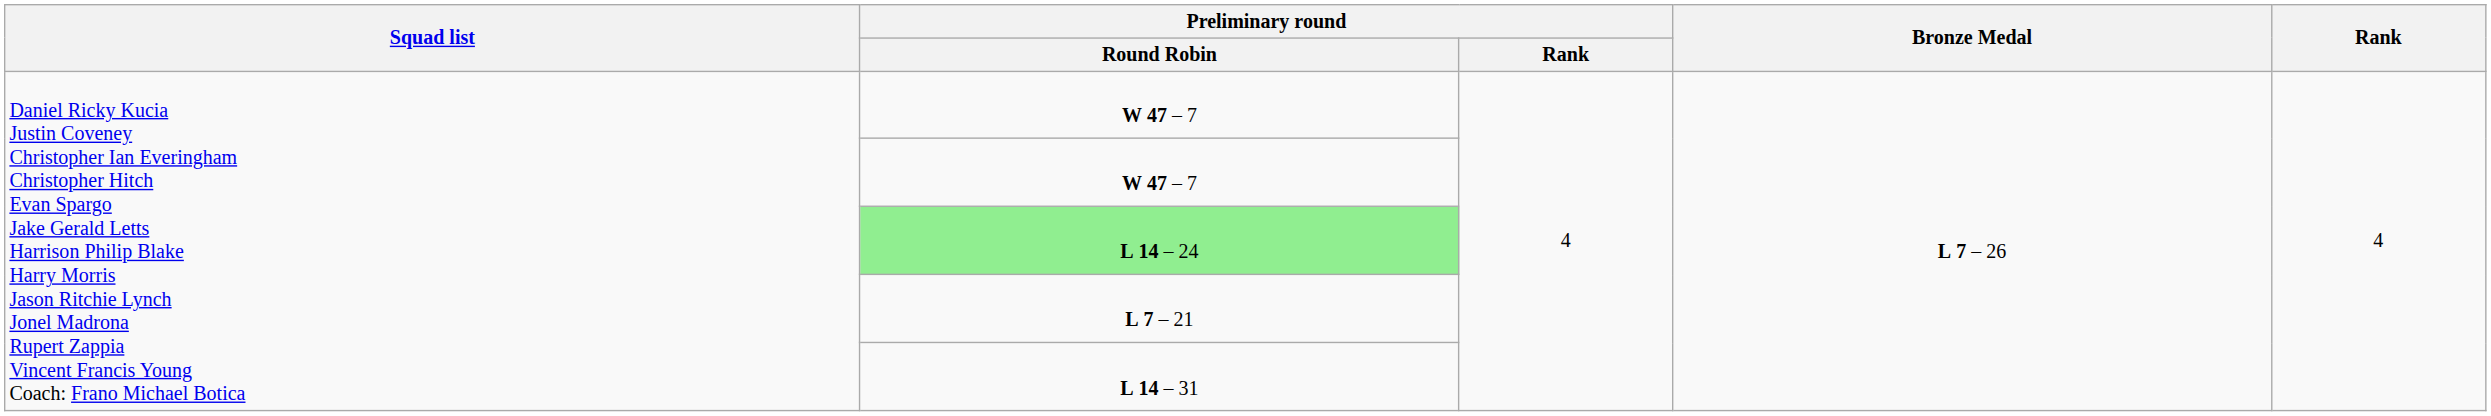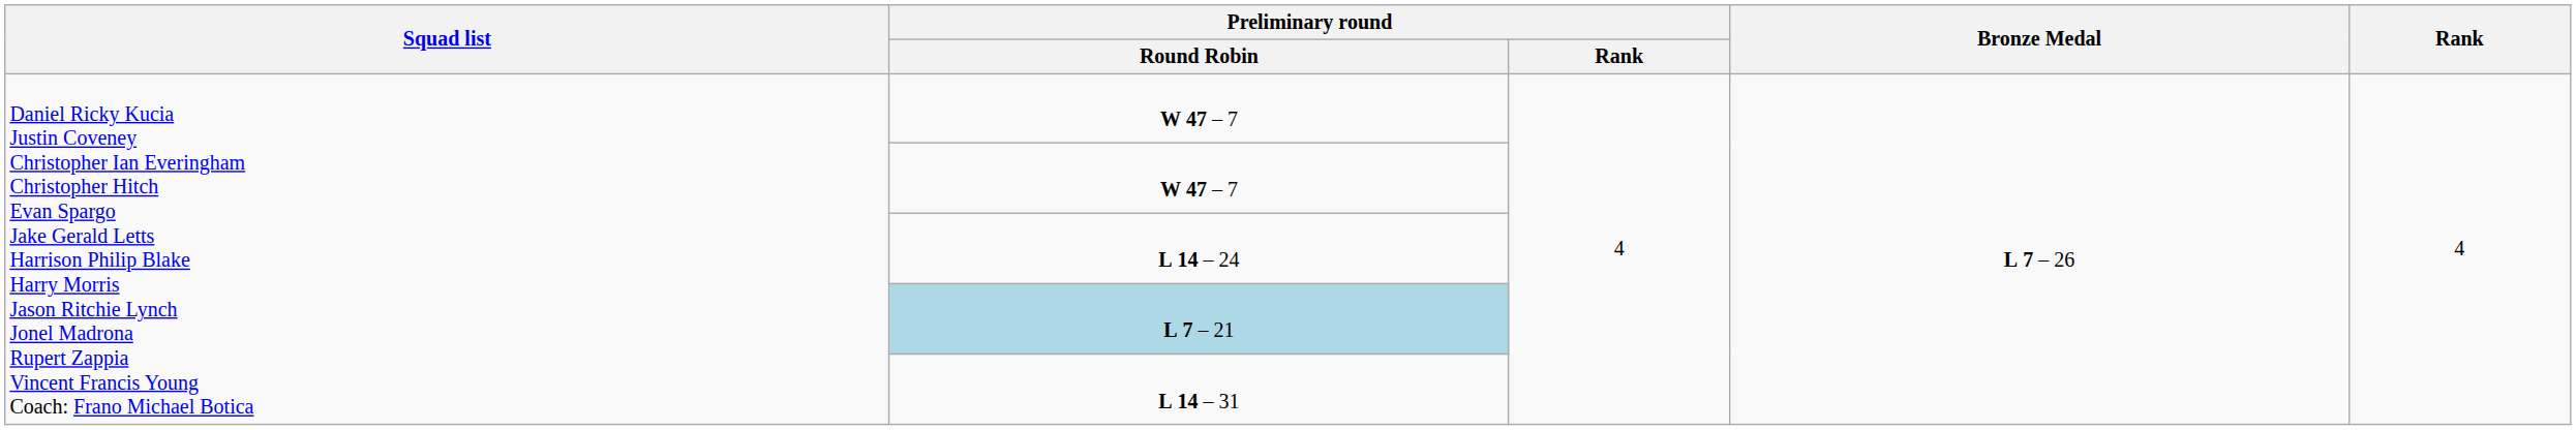 <table class="wikitable" width="90%" style="text-align:left; font-size:90%">
 <tr>
 <th rowspan="2" width="20%"><a href='#'>Squad list</a></th>
 <th colspan="2">Preliminary round</th>
 <th rowspan="2" width="14%">Bronze Medal</th>
 <th rowspan="2" width="5%">Rank</th>
 </tr>
 <tr>
 <th width="14%">Round Robin</th>
 <th width="5%">Rank</th>
 </tr>
 <tr>
 <td rowspan="5"><br><a href='#'>Daniel Ricky Kucia</a><br> <a href='#'>Justin Coveney</a><br> <a href='#'>Christopher Ian Everingham</a><br> <a href='#'>Christopher Hitch</a> <br> <a href='#'>Evan Spargo</a> <br> <a href='#'>Jake Gerald Letts</a> <br> <a href='#'>Harrison Philip Blake</a><br> <a href='#'>Harry Morris</a><br> <a href='#'>Jason Ritchie Lynch</a><br> <a href='#'>Jonel Madrona</a><br> <a href='#'>Rupert Zappia</a><br> <a href='#'>Vincent Francis Young</a> <br> Coach:  <a href='#'>Frano Michael Botica</a></td>
 <td align=center><br> <strong>W</strong> <strong>47</strong> – 7</td>
 <td rowspan=5 align=center>4 <strong></strong></td>
 <td rowspan=5 align=center> <br> <strong>L</strong> <strong>7</strong> – 26</td>
 <td rowspan=5 align=center>4</td>
 </tr>
 <tr>
 <td align=center><br> <strong>W</strong> <strong>47</strong> – 7</td>
 </tr>
 <tr>
-<td align=center style="background: lightgreen;"><br> <strong>L</strong> <strong>14</strong> – 24</td>
+<td align=center><br> <strong>L</strong> <strong>14</strong> – 24</td>
 </tr>
 <tr>
-<td align=center><br> <strong>L</strong> <strong>7</strong> – 21</td>
+<td align=center style="background: lightblue;"><br> <strong>L</strong> <strong>7</strong> – 21</td>
 </tr>
 <tr>
 <td align=center><br> <strong>L</strong> <strong>14</strong> – 31</td>
 </tr>
 </table>
